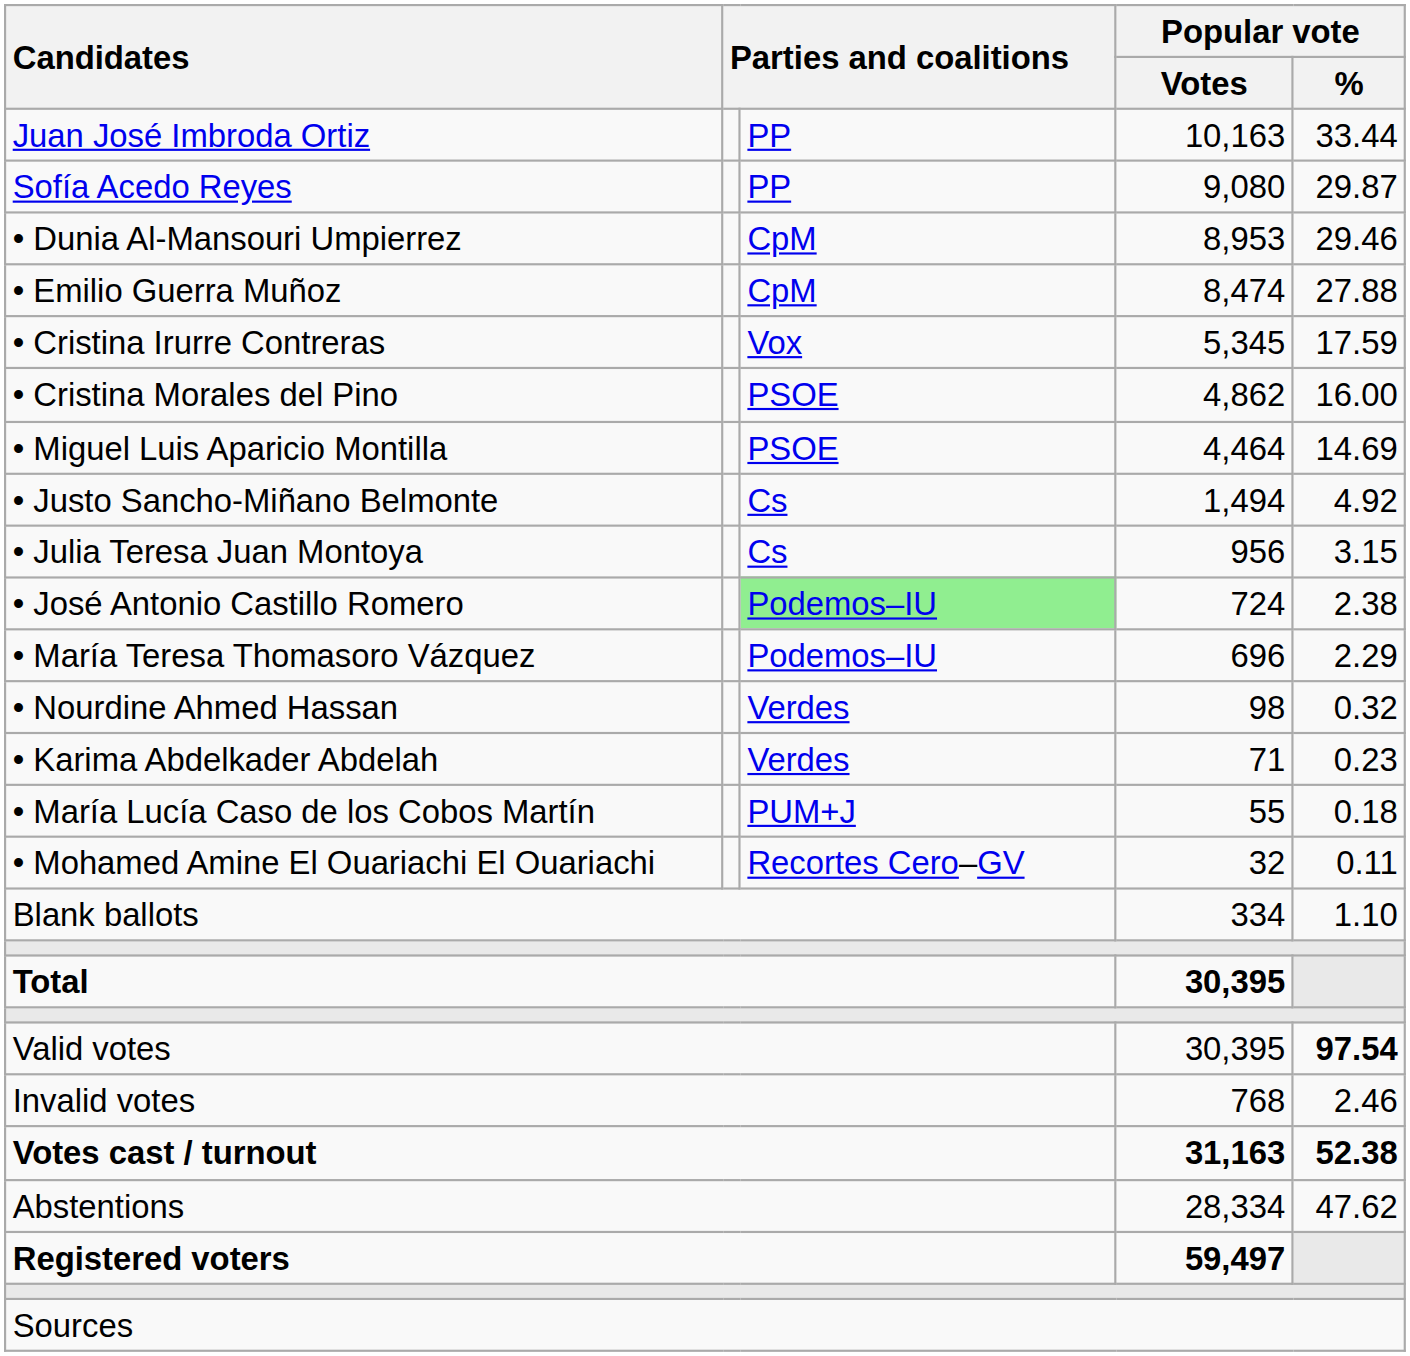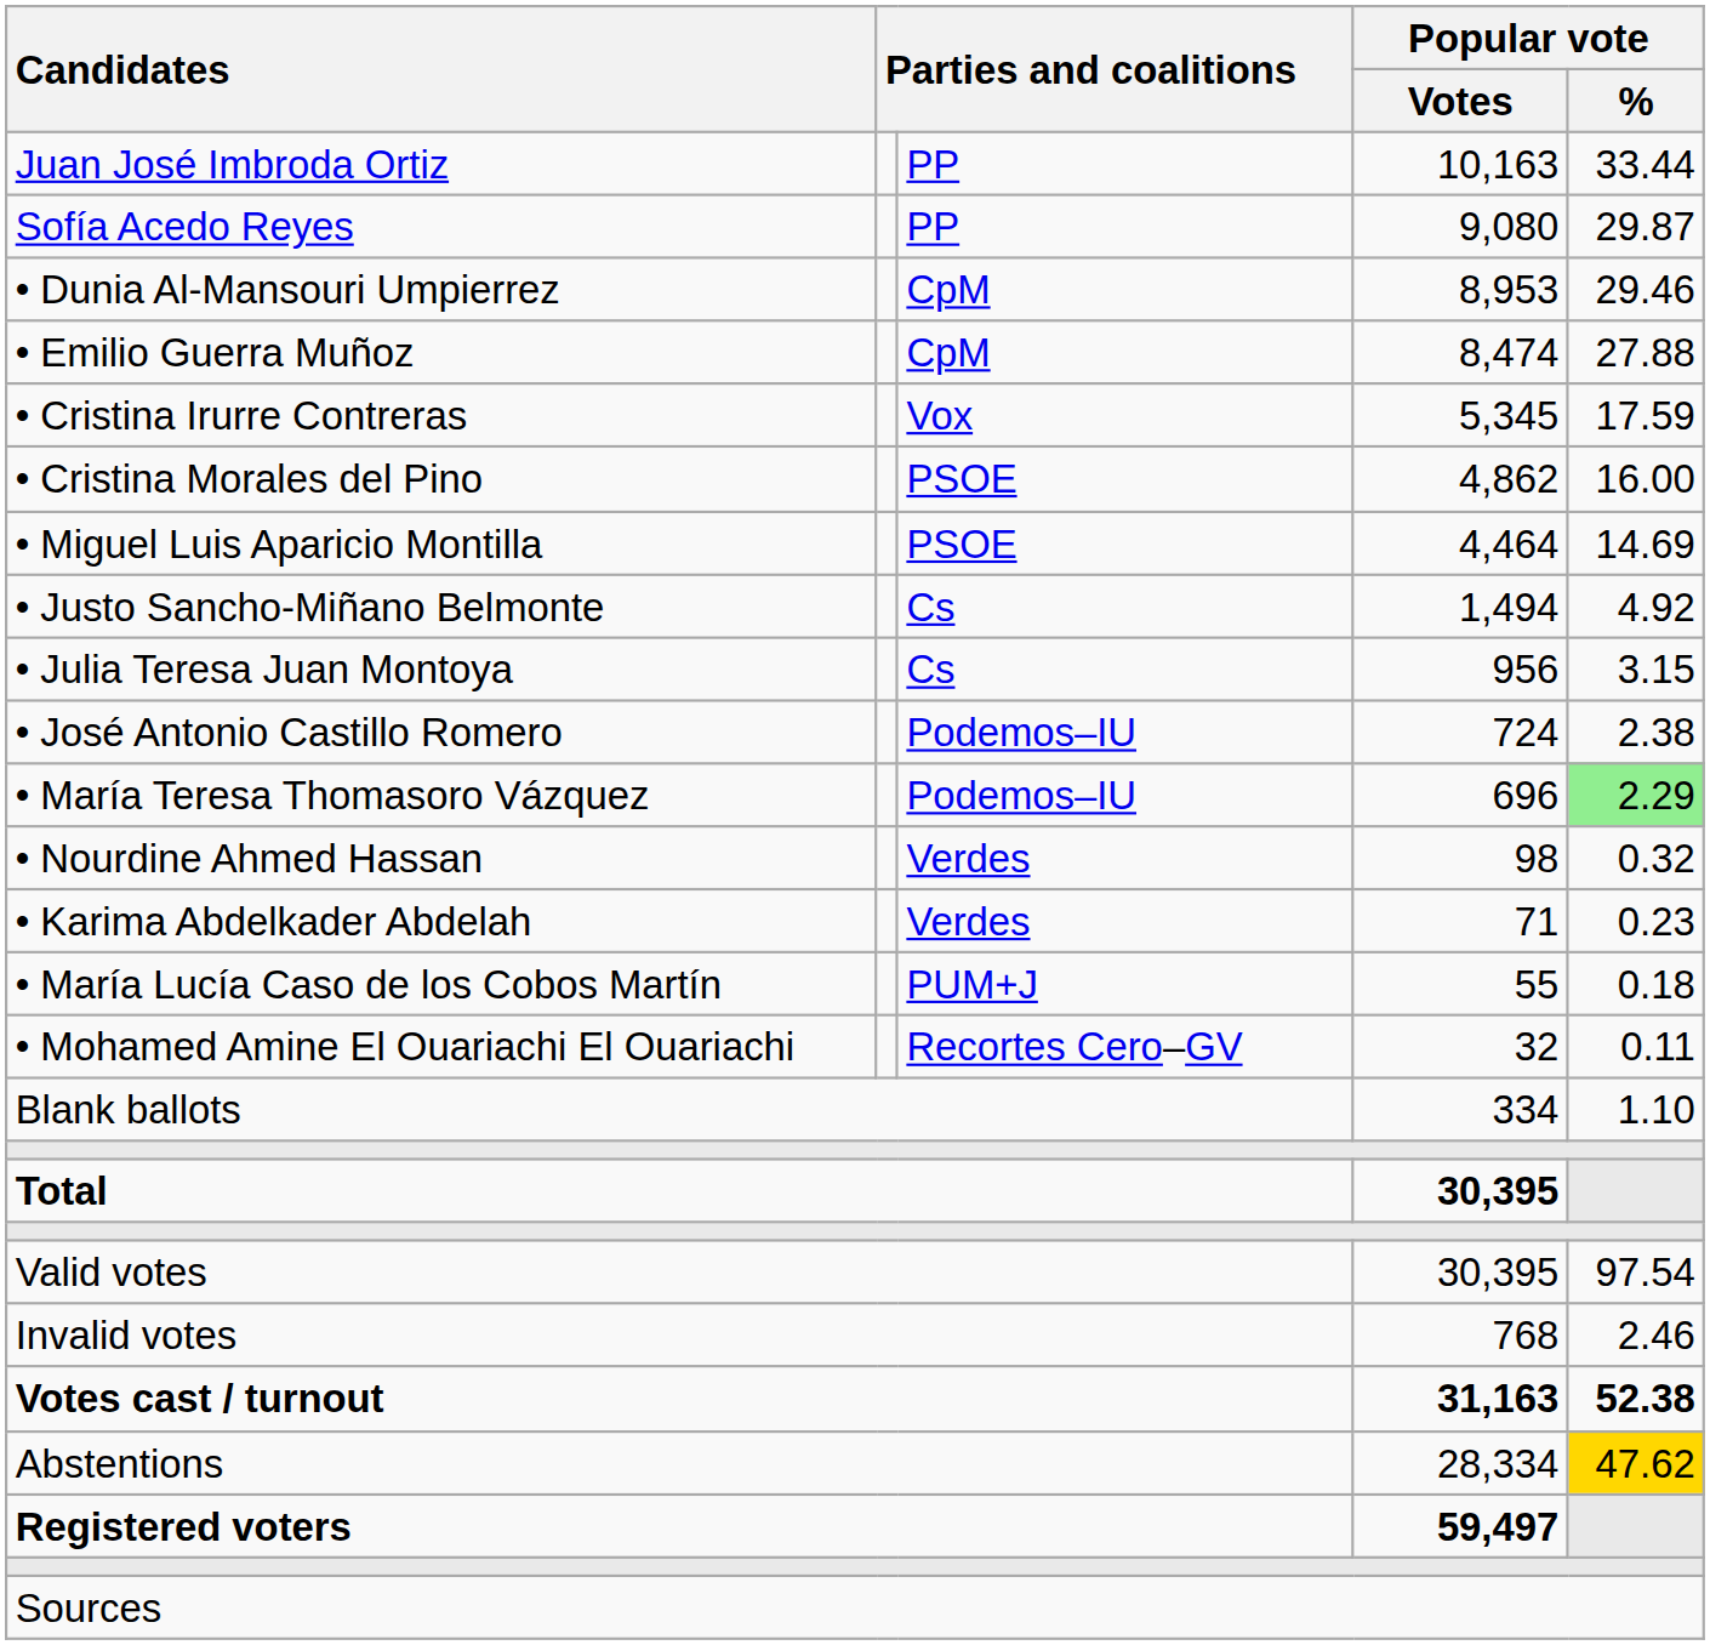 <table class="wikitable" style="text-align:right; font-size:95%;">
 <tr>
 <th style="text-align:left;" rowspan="2" width="325">Candidates</th>
 <th style="text-align:left;" rowspan="2" colspan="2" width="175">Parties and coalitions</th>
 <th colspan="2">Popular vote</th>
 </tr>
 <tr>
 <th width="75">Votes</th>
 <th width="45">%</th>
 </tr>
 <tr>
 <td align="left"> <a href='#'>Juan José Imbroda Ortiz</a></td>
 <td width="1" style="color:inherit;background:"></td>
 <td align="left"><a href='#'>PP</a></td>
 <td>10,163</td>
 <td>33.44</td>
 </tr>
 <tr>
 <td align="left"> <a href='#'>Sofía Acedo Reyes</a></td>
 <td style="color:inherit;background:"></td>
 <td align="left"><a href='#'>PP</a></td>
 <td>9,080</td>
 <td>29.87</td>
 </tr>
 <tr>
 <td align="left">• Dunia Al-Mansouri Umpierrez</td>
 <td style="color:inherit;background:"></td>
 <td align="left"><a href='#'>CpM</a></td>
 <td>8,953</td>
 <td>29.46</td>
 </tr>
 <tr>
 <td align="left">• Emilio Guerra Muñoz</td>
 <td style="color:inherit;background:"></td>
 <td align="left"><a href='#'>CpM</a></td>
 <td>8,474</td>
 <td>27.88</td>
 </tr>
 <tr>
 <td align="left">• Cristina Irurre Contreras</td>
 <td style="color:inherit;background:"></td>
 <td align="left"><a href='#'>Vox</a></td>
 <td>5,345</td>
 <td>17.59</td>
 </tr>
 <tr>
 <td align="left">• Cristina Morales del Pino</td>
 <td style="color:inherit;background:"></td>
 <td align="left"><a href='#'>PSOE</a></td>
 <td>4,862</td>
 <td>16.00</td>
 </tr>
 <tr>
 <td align="left">• Miguel Luis Aparicio Montilla</td>
 <td style="color:inherit;background:"></td>
 <td align="left"><a href='#'>PSOE</a></td>
 <td>4,464</td>
 <td>14.69</td>
 </tr>
 <tr>
 <td align="left">• Justo Sancho-Miñano Belmonte</td>
 <td style="color:inherit;background:"></td>
 <td align="left"><a href='#'>Cs</a></td>
 <td>1,494</td>
 <td>4.92</td>
 </tr>
 <tr>
 <td align="left">• Julia Teresa Juan Montoya</td>
 <td style="color:inherit;background:"></td>
 <td align="left"><a href='#'>Cs</a></td>
 <td>956</td>
 <td>3.15</td>
 </tr>
 <tr>
 <td align="left">• José Antonio Castillo Romero</td>
 <td style="color:inherit;background:"></td>
-<td align="left" style="background: lightgreen;"><a href='#'>Podemos–IU</a></td>
+<td align="left"><a href='#'>Podemos–IU</a></td>
 <td>724</td>
 <td>2.38</td>
 </tr>
 <tr>
 <td align="left">• María Teresa Thomasoro Vázquez</td>
 <td style="color:inherit;background:"></td>
 <td align="left"><a href='#'>Podemos–IU</a></td>
 <td>696</td>
-<td>2.29</td>
+<td style="background: lightgreen;">2.29</td>
 </tr>
 <tr>
 <td align="left">• Nourdine Ahmed Hassan</td>
 <td style="color:inherit;background:"></td>
 <td align="left"><a href='#'>Verdes</a></td>
 <td>98</td>
 <td>0.32</td>
 </tr>
 <tr>
 <td align="left">• Karima Abdelkader Abdelah</td>
 <td style="color:inherit;background:"></td>
 <td align="left"><a href='#'>Verdes</a></td>
 <td>71</td>
 <td>0.23</td>
 </tr>
 <tr>
 <td align="left">• María Lucía Caso de los Cobos Martín</td>
 <td style="color:inherit;background:"></td>
 <td align="left"><a href='#'>PUM+J</a></td>
 <td>55</td>
 <td>0.18</td>
 </tr>
 <tr>
 <td align="left">• Mohamed Amine El Ouariachi El Ouariachi</td>
 <td style="color:inherit;background:"></td>
 <td align="left"><a href='#'>Recortes Cero</a>–<a href='#'>GV</a></td>
 <td>32</td>
 <td>0.11</td>
 </tr>
 <tr>
 <td align="left" colspan="3">Blank ballots</td>
 <td>334</td>
 <td>1.10</td>
 </tr>
 <tr>
 <td colspan="5" bgcolor="#E9E9E9"></td>
 </tr>
 <tr style="font-weight:bold;">
 <td align="left" colspan="3">Total</td>
 <td>30,395</td>
 <td bgcolor="#E9E9E9"></td>
 </tr>
 <tr>
 <td colspan="5" bgcolor="#E9E9E9"></td>
 </tr>
 <tr>
 <td align="left" colspan="3">Valid votes</td>
 <td>30,395</td>
-<td><strong>97.54</strong></td>
+<td>97.54</td>
 </tr>
 <tr>
 <td align="left" colspan="3">Invalid votes</td>
 <td>768</td>
 <td>2.46</td>
 </tr>
 <tr style="font-weight:bold;">
 <td align="left" colspan="3">Votes cast / turnout</td>
 <td>31,163</td>
 <td>52.38</td>
 </tr>
 <tr>
 <td align="left" colspan="3">Abstentions</td>
 <td>28,334</td>
-<td>47.62</td>
+<td style="background: gold;">47.62</td>
 </tr>
 <tr style="font-weight:bold;">
 <td align="left" colspan="3">Registered voters</td>
 <td>59,497</td>
 <td bgcolor="#E9E9E9"></td>
 </tr>
 <tr>
 <td colspan="5" bgcolor="#E9E9E9"></td>
 </tr>
 <tr>
 <td align="left" colspan="5">Sources</td>
 </tr>
 </table>
